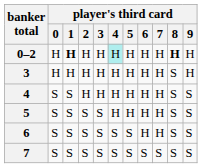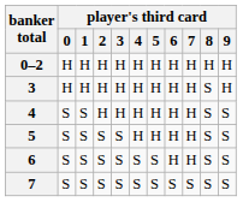 <table class="wikitable">
 <tr>
 <th rowspan="2">banker<br>total</th>
 <th colspan="10">player's third card</th>
 </tr>
 <tr>
 <th>0</th>
 <th>1</th>
 <th>2</th>
 <th>3</th>
 <th>4</th>
 <th>5</th>
 <th>6</th>
 <th>7</th>
 <th>8</th>
 <th>9</th>
 </tr>
 <tr>
 <th>0–2</th>
 <td>H</td>
-<td><strong>H</strong></td>
-<td>H</td>
-<td>H</td>
-<td style="background: paleturquoise;">H</td>
 <td>H</td>
 <td>H</td>
 <td>H</td>
-<td><strong>H</strong></td>
+<td>H</td>
+<td>H</td>
+<td>H</td>
+<td>H</td>
+<td>H</td>
 <td>H</td>
 </tr>
 <tr>
 <th>3</th>
 <td>H</td>
 <td>H</td>
 <td>H</td>
 <td>H</td>
 <td>H</td>
 <td>H</td>
 <td>H</td>
 <td>H</td>
 <td>S</td>
 <td>H</td>
 </tr>
 <tr>
 <th>4</th>
 <td>S</td>
 <td>S</td>
 <td>H</td>
 <td>H</td>
 <td>H</td>
 <td>H</td>
 <td>H</td>
 <td>H</td>
 <td>S</td>
 <td>S</td>
 </tr>
 <tr>
 <th>5</th>
 <td>S</td>
 <td>S</td>
 <td>S</td>
 <td>S</td>
 <td>H</td>
 <td>H</td>
 <td>H</td>
 <td>H</td>
 <td>S</td>
 <td>S</td>
 </tr>
 <tr>
 <th>6</th>
 <td>S</td>
 <td>S</td>
 <td>S</td>
 <td>S</td>
 <td>S</td>
 <td>S</td>
 <td>H</td>
 <td>H</td>
 <td>S</td>
 <td>S</td>
 </tr>
 <tr>
 <th>7</th>
 <td>S</td>
 <td>S</td>
 <td>S</td>
 <td>S</td>
 <td>S</td>
 <td>S</td>
 <td>S</td>
 <td>S</td>
 <td>S</td>
 <td>S</td>
 </tr>
 </table>
